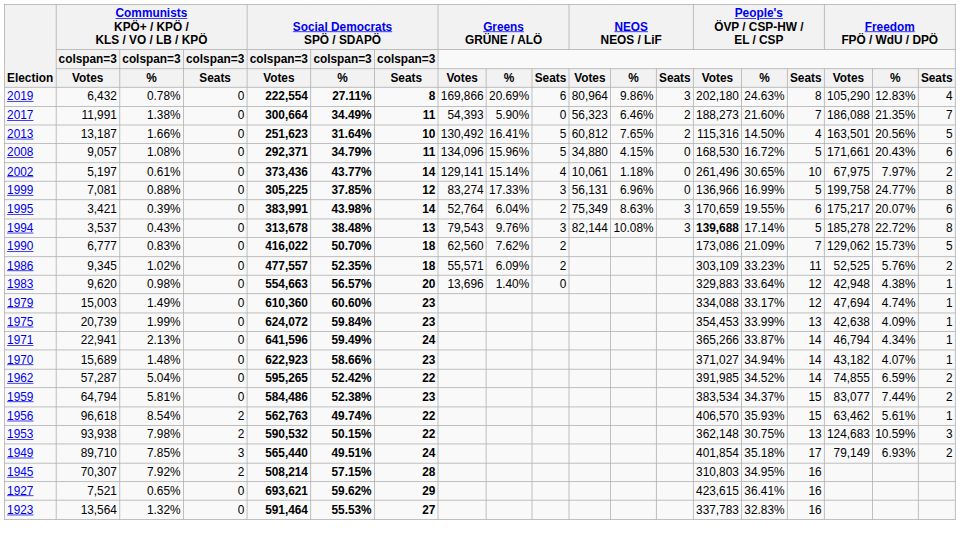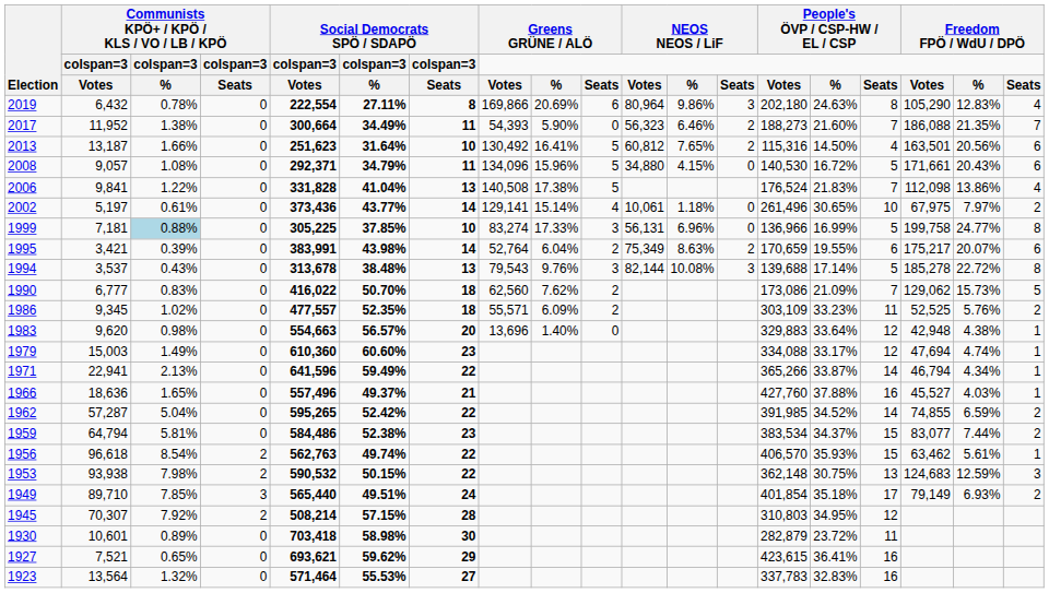 <table class="wikitable" border="1" style="font-size:100%; text-align:right;">
 <tr>
 <th style="text-align:left;" valign=bottom rowspan=3>Election</th>
 <th valign=bottom colspan=3><a href='#'>Communists</a><br>KPÖ+ / KPÖ /<br>KLS / VO / LB / KPÖ</th>
 <th valign=bottom colspan=3><a href='#'>Social Democrats</a><br>SPÖ / SDAPÖ</th>
 <th valign=bottom colspan=3><a href='#'>Greens</a><br>GRÜNE / ALÖ</th>
 <th valign=bottom colspan=3><a href='#'>NEOS</a><br>NEOS / LiF</th>
 <th valign=bottom colspan=3><a href='#'>People's</a><br>ÖVP / CSP-HW /<br>EL / CSP</th>
 <th valign=bottom colspan=3><a href='#'>Freedom</a><br>FPÖ / WdU / DPÖ</th>
 </tr>
 <tr>
 <th>colspan=3 </th>
 <th>colspan=3 </th>
 <th>colspan=3 </th>
 <th>colspan=3 </th>
 <th>colspan=3 </th>
 <th>colspan=3 </th>
 </tr>
 <tr>
 <th>Votes</th>
 <th>%</th>
 <th>Seats</th>
 <th>Votes</th>
 <th>%</th>
 <th>Seats</th>
 <th>Votes</th>
 <th>%</th>
 <th>Seats</th>
 <th>Votes</th>
 <th>%</th>
 <th>Seats</th>
 <th>Votes</th>
 <th>%</th>
 <th>Seats</th>
 <th>Votes</th>
 <th>%</th>
 <th>Seats</th>
 </tr>
 <tr>
 <td align=left><a href='#'>2019</a></td>
 <td>6,432</td>
 <td>0.78%</td>
 <td>0</td>
 <td><strong>222,554</strong></td>
 <td><strong>27.11%</strong></td>
 <td><strong>8</strong></td>
 <td>169,866</td>
 <td>20.69%</td>
 <td>6</td>
 <td>80,964</td>
 <td>9.86%</td>
 <td>3</td>
 <td>202,180</td>
 <td>24.63%</td>
 <td>8</td>
 <td>105,290</td>
 <td>12.83%</td>
 <td>4</td>
 </tr>
 <tr>
 <td align=left><a href='#'>2017</a></td>
-<td>11,991</td>
+<td>11,952</td>
 <td>1.38%</td>
 <td>0</td>
 <td><strong>300,664</strong></td>
 <td><strong>34.49%</strong></td>
 <td><strong>11</strong></td>
 <td>54,393</td>
 <td>5.90%</td>
 <td>0</td>
 <td>56,323</td>
 <td>6.46%</td>
 <td>2</td>
 <td>188,273</td>
 <td>21.60%</td>
 <td>7</td>
 <td>186,088</td>
 <td>21.35%</td>
 <td>7</td>
 </tr>
 <tr>
 <td align=left><a href='#'>2013</a></td>
 <td>13,187</td>
 <td>1.66%</td>
 <td>0</td>
 <td><strong>251,623</strong></td>
 <td><strong>31.64%</strong></td>
 <td><strong>10</strong></td>
 <td>130,492</td>
 <td>16.41%</td>
 <td>5</td>
 <td>60,812</td>
 <td>7.65%</td>
 <td>2</td>
 <td>115,316</td>
 <td>14.50%</td>
 <td>4</td>
 <td>163,501</td>
 <td>20.56%</td>
-<td>5</td>
+<td>6</td>
 </tr>
 <tr>
 <td align=left><a href='#'>2008</a></td>
 <td>9,057</td>
 <td>1.08%</td>
 <td>0</td>
 <td><strong>292,371</strong></td>
 <td><strong>34.79%</strong></td>
 <td><strong>11</strong></td>
 <td>134,096</td>
 <td>15.96%</td>
 <td>5</td>
 <td>34,880</td>
 <td>4.15%</td>
 <td>0</td>
-<td>168,530</td>
+<td>140,530</td>
 <td>16.72%</td>
 <td>5</td>
 <td>171,661</td>
 <td>20.43%</td>
 <td>6</td>
+</tr>
+<tr>
+<td align=left><a href='#'>2006</a></td>
+<td>9,841</td>
+<td>1.22%</td>
+<td>0</td>
+<td><strong>331,828</strong></td>
+<td><strong>41.04%</strong></td>
+<td><strong>13</strong></td>
+<td>140,508</td>
+<td>17.38%</td>
+<td>5</td>
+<td></td>
+<td></td>
+<td></td>
+<td>176,524</td>
+<td>21.83%</td>
+<td>7</td>
+<td>112,098</td>
+<td>13.86%</td>
+<td>4</td>
 </tr>
 <tr>
 <td align=left><a href='#'>2002</a></td>
 <td>5,197</td>
 <td>0.61%</td>
 <td>0</td>
 <td><strong>373,436</strong></td>
 <td><strong>43.77%</strong></td>
 <td><strong>14</strong></td>
 <td>129,141</td>
 <td>15.14%</td>
 <td>4</td>
 <td>10,061</td>
 <td>1.18%</td>
 <td>0</td>
 <td>261,496</td>
 <td>30.65%</td>
 <td>10</td>
 <td>67,975</td>
 <td>7.97%</td>
 <td>2</td>
 </tr>
 <tr>
 <td align=left><a href='#'>1999</a></td>
-<td>7,081</td>
-<td>0.88%</td>
+<td>7,181</td>
+<td style="background: lightblue;">0.88%</td>
 <td>0</td>
 <td><strong>305,225</strong></td>
 <td><strong>37.85%</strong></td>
-<td><strong>12</strong></td>
+<td><strong>10</strong></td>
 <td>83,274</td>
 <td>17.33%</td>
 <td>3</td>
 <td>56,131</td>
 <td>6.96%</td>
 <td>0</td>
 <td>136,966</td>
 <td>16.99%</td>
 <td>5</td>
 <td>199,758</td>
 <td>24.77%</td>
 <td>8</td>
 </tr>
 <tr>
 <td align=left><a href='#'>1995</a></td>
 <td>3,421</td>
 <td>0.39%</td>
 <td>0</td>
 <td><strong>383,991</strong></td>
 <td><strong>43.98%</strong></td>
 <td><strong>14</strong></td>
 <td>52,764</td>
 <td>6.04%</td>
 <td>2</td>
 <td>75,349</td>
 <td>8.63%</td>
-<td>3</td>
+<td>2</td>
 <td>170,659</td>
 <td>19.55%</td>
 <td>6</td>
 <td>175,217</td>
 <td>20.07%</td>
 <td>6</td>
 </tr>
 <tr>
 <td align=left><a href='#'>1994</a></td>
 <td>3,537</td>
 <td>0.43%</td>
 <td>0</td>
 <td><strong>313,678</strong></td>
 <td><strong>38.48%</strong></td>
 <td><strong>13</strong></td>
 <td>79,543</td>
 <td>9.76%</td>
 <td>3</td>
 <td>82,144</td>
 <td>10.08%</td>
 <td>3</td>
-<td><strong>139,688</strong></td>
+<td>139,688</td>
 <td>17.14%</td>
 <td>5</td>
 <td>185,278</td>
 <td>22.72%</td>
 <td>8</td>
 </tr>
 <tr>
 <td align=left><a href='#'>1990</a></td>
 <td>6,777</td>
 <td>0.83%</td>
 <td>0</td>
 <td><strong>416,022</strong></td>
 <td><strong>50.70%</strong></td>
 <td><strong>18</strong></td>
 <td>62,560</td>
 <td>7.62%</td>
 <td>2</td>
 <td></td>
 <td></td>
 <td></td>
 <td>173,086</td>
 <td>21.09%</td>
 <td>7</td>
 <td>129,062</td>
 <td>15.73%</td>
 <td>5</td>
 </tr>
 <tr>
 <td align=left><a href='#'>1986</a></td>
 <td>9,345</td>
 <td>1.02%</td>
 <td>0</td>
 <td><strong>477,557</strong></td>
 <td><strong>52.35%</strong></td>
 <td><strong>18</strong></td>
 <td>55,571</td>
 <td>6.09%</td>
 <td>2</td>
 <td></td>
 <td></td>
 <td></td>
 <td>303,109</td>
 <td>33.23%</td>
 <td>11</td>
 <td>52,525</td>
 <td>5.76%</td>
 <td>2</td>
 </tr>
 <tr>
 <td align=left><a href='#'>1983</a></td>
 <td>9,620</td>
 <td>0.98%</td>
 <td>0</td>
 <td><strong>554,663</strong></td>
 <td><strong>56.57%</strong></td>
 <td><strong>20</strong></td>
 <td>13,696</td>
 <td>1.40%</td>
 <td>0</td>
 <td></td>
 <td></td>
 <td></td>
 <td>329,883</td>
 <td>33.64%</td>
 <td>12</td>
 <td>42,948</td>
 <td>4.38%</td>
 <td>1</td>
 </tr>
 <tr>
 <td align=left><a href='#'>1979</a></td>
 <td>15,003</td>
 <td>1.49%</td>
 <td>0</td>
 <td><strong>610,360</strong></td>
 <td><strong>60.60%</strong></td>
 <td><strong>23</strong></td>
 <td></td>
 <td></td>
 <td></td>
 <td></td>
 <td></td>
 <td></td>
 <td>334,088</td>
 <td>33.17%</td>
 <td>12</td>
 <td>47,694</td>
 <td>4.74%</td>
 <td>1</td>
 </tr>
 <tr>
-<td align=left><a href='#'>1975</a></td>
-<td>20,739</td>
-<td>1.99%</td>
-<td>0</td>
-<td><strong>624,072</strong></td>
-<td><strong>59.84%</strong></td>
-<td><strong>23</strong></td>
-<td></td>
-<td></td>
-<td></td>
-<td></td>
-<td></td>
-<td></td>
-<td>354,453</td>
-<td>33.99%</td>
-<td>13</td>
-<td>42,638</td>
-<td>4.09%</td>
-<td>1</td>
-</tr>
-<tr>
 <td align=left><a href='#'>1971</a></td>
 <td>22,941</td>
 <td>2.13%</td>
 <td>0</td>
 <td><strong>641,596</strong></td>
 <td><strong>59.49%</strong></td>
-<td><strong>24</strong></td>
+<td><strong>22</strong></td>
 <td></td>
 <td></td>
 <td></td>
 <td></td>
 <td></td>
 <td></td>
 <td>365,266</td>
 <td>33.87%</td>
 <td>14</td>
 <td>46,794</td>
 <td>4.34%</td>
 <td>1</td>
 </tr>
 <tr>
-<td align=left><a href='#'>1970</a></td>
-<td>15,689</td>
-<td>1.48%</td>
+<td align=left><a href='#'>1966</a></td>
+<td>18,636</td>
+<td>1.65%</td>
 <td>0</td>
-<td><strong>622,923</strong></td>
-<td><strong>58.66%</strong></td>
-<td><strong>23</strong></td>
+<td><strong>557,496</strong></td>
+<td><strong>49.37%</strong></td>
+<td><strong>21</strong></td>
 <td></td>
 <td></td>
 <td></td>
 <td></td>
 <td></td>
 <td></td>
-<td>371,027</td>
-<td>34.94%</td>
-<td>14</td>
-<td>43,182</td>
-<td>4.07%</td>
+<td>427,760</td>
+<td>37.88%</td>
+<td>16</td>
+<td>45,527</td>
+<td>4.03%</td>
 <td>1</td>
 </tr>
 <tr>
 <td align=left><a href='#'>1962</a></td>
 <td>57,287</td>
 <td>5.04%</td>
 <td>0</td>
 <td><strong>595,265</strong></td>
 <td><strong>52.42%</strong></td>
 <td><strong>22</strong></td>
 <td></td>
 <td></td>
 <td></td>
 <td></td>
 <td></td>
 <td></td>
 <td>391,985</td>
 <td>34.52%</td>
 <td>14</td>
 <td>74,855</td>
 <td>6.59%</td>
 <td>2</td>
 </tr>
 <tr>
 <td align=left><a href='#'>1959</a></td>
 <td>64,794</td>
 <td>5.81%</td>
 <td>0</td>
 <td><strong>584,486</strong></td>
 <td><strong>52.38%</strong></td>
 <td><strong>23</strong></td>
 <td></td>
 <td></td>
 <td></td>
 <td></td>
 <td></td>
 <td></td>
 <td>383,534</td>
 <td>34.37%</td>
 <td>15</td>
 <td>83,077</td>
 <td>7.44%</td>
 <td>2</td>
 </tr>
 <tr>
 <td align=left><a href='#'>1956</a></td>
 <td>96,618</td>
 <td>8.54%</td>
 <td>2</td>
 <td><strong>562,763</strong></td>
 <td><strong>49.74%</strong></td>
 <td><strong>22</strong></td>
 <td></td>
 <td></td>
 <td></td>
 <td></td>
 <td></td>
 <td></td>
 <td>406,570</td>
 <td>35.93%</td>
 <td>15</td>
 <td>63,462</td>
 <td>5.61%</td>
 <td>1</td>
 </tr>
 <tr>
 <td align=left><a href='#'>1953</a></td>
 <td>93,938</td>
 <td>7.98%</td>
 <td>2</td>
 <td><strong>590,532</strong></td>
 <td><strong>50.15%</strong></td>
 <td><strong>22</strong></td>
 <td></td>
 <td></td>
 <td></td>
 <td></td>
 <td></td>
 <td></td>
 <td>362,148</td>
 <td>30.75%</td>
 <td>13</td>
 <td>124,683</td>
-<td>10.59%</td>
+<td>12.59%</td>
 <td>3</td>
 </tr>
 <tr>
 <td align=left><a href='#'>1949</a></td>
 <td>89,710</td>
 <td>7.85%</td>
 <td>3</td>
 <td><strong>565,440</strong></td>
 <td><strong>49.51%</strong></td>
 <td><strong>24</strong></td>
 <td></td>
 <td></td>
 <td></td>
 <td></td>
 <td></td>
 <td></td>
 <td>401,854</td>
 <td>35.18%</td>
 <td>17</td>
 <td>79,149</td>
 <td>6.93%</td>
 <td>2</td>
 </tr>
 <tr>
 <td align=left><a href='#'>1945</a></td>
 <td>70,307</td>
 <td>7.92%</td>
 <td>2</td>
 <td><strong>508,214</strong></td>
 <td><strong>57.15%</strong></td>
 <td><strong>28</strong></td>
 <td></td>
 <td></td>
 <td></td>
 <td></td>
 <td></td>
 <td></td>
 <td>310,803</td>
 <td>34.95%</td>
-<td>16</td>
+<td>12</td>
+<td></td>
+<td></td>
+<td></td>
+</tr>
+<tr>
+<td align=left><a href='#'>1930</a></td>
+<td>10,601</td>
+<td>0.89%</td>
+<td>0</td>
+<td><strong>703,418</strong></td>
+<td><strong>58.98%</strong></td>
+<td><strong>30</strong></td>
+<td></td>
+<td></td>
+<td></td>
+<td></td>
+<td></td>
+<td></td>
+<td>282,879</td>
+<td>23.72%</td>
+<td>11</td>
 <td></td>
 <td></td>
 <td></td>
 </tr>
 <tr>
 <td align=left><a href='#'>1927</a></td>
 <td>7,521</td>
 <td>0.65%</td>
 <td>0</td>
 <td><strong>693,621</strong></td>
 <td><strong>59.62%</strong></td>
 <td><strong>29</strong></td>
 <td></td>
 <td></td>
 <td></td>
 <td></td>
 <td></td>
 <td></td>
 <td>423,615</td>
 <td>36.41%</td>
 <td>16</td>
 <td></td>
 <td></td>
 <td></td>
 </tr>
 <tr>
 <td align=left><a href='#'>1923</a></td>
 <td>13,564</td>
 <td>1.32%</td>
 <td>0</td>
-<td><strong>591,464</strong></td>
+<td><strong>571,464</strong></td>
 <td><strong>55.53%</strong></td>
 <td><strong>27</strong></td>
 <td></td>
 <td></td>
 <td></td>
 <td></td>
 <td></td>
 <td></td>
 <td>337,783</td>
 <td>32.83%</td>
 <td>16</td>
 <td></td>
 <td></td>
 <td></td>
 </tr>
 </table>
